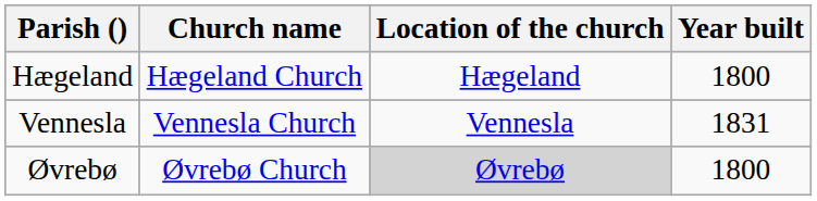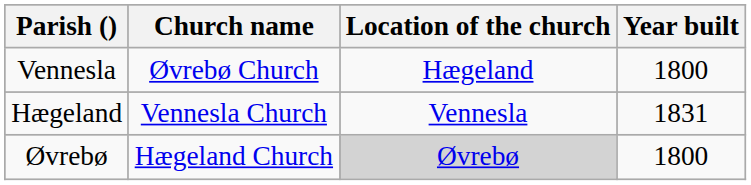 <table class="wikitable" style="text-align:center">
 <tr>
 <th>Parish ()</th>
 <th>Church name</th>
 <th>Location of the church</th>
 <th>Year built</th>
 </tr>
 <tr>
-<td rowspan="1">Hægeland</td>
-<td><a href='#'>Hægeland Church</a></td>
+<td rowspan="1">Vennesla</td>
+<td><a href='#'>Øvrebø Church</a></td>
 <td><a href='#'>Hægeland</a></td>
 <td>1800</td>
 </tr>
 <tr>
-<td rowspan="1">Vennesla</td>
+<td rowspan="1">Hægeland</td>
 <td><a href='#'>Vennesla Church</a></td>
 <td><a href='#'>Vennesla</a></td>
 <td>1831</td>
 </tr>
 <tr>
 <td rowspan="1">Øvrebø</td>
-<td><a href='#'>Øvrebø Church</a></td>
+<td><a href='#'>Hægeland Church</a></td>
 <td style="background: lightgrey;"><a href='#'>Øvrebø</a></td>
 <td>1800</td>
 </tr>
 </table>
